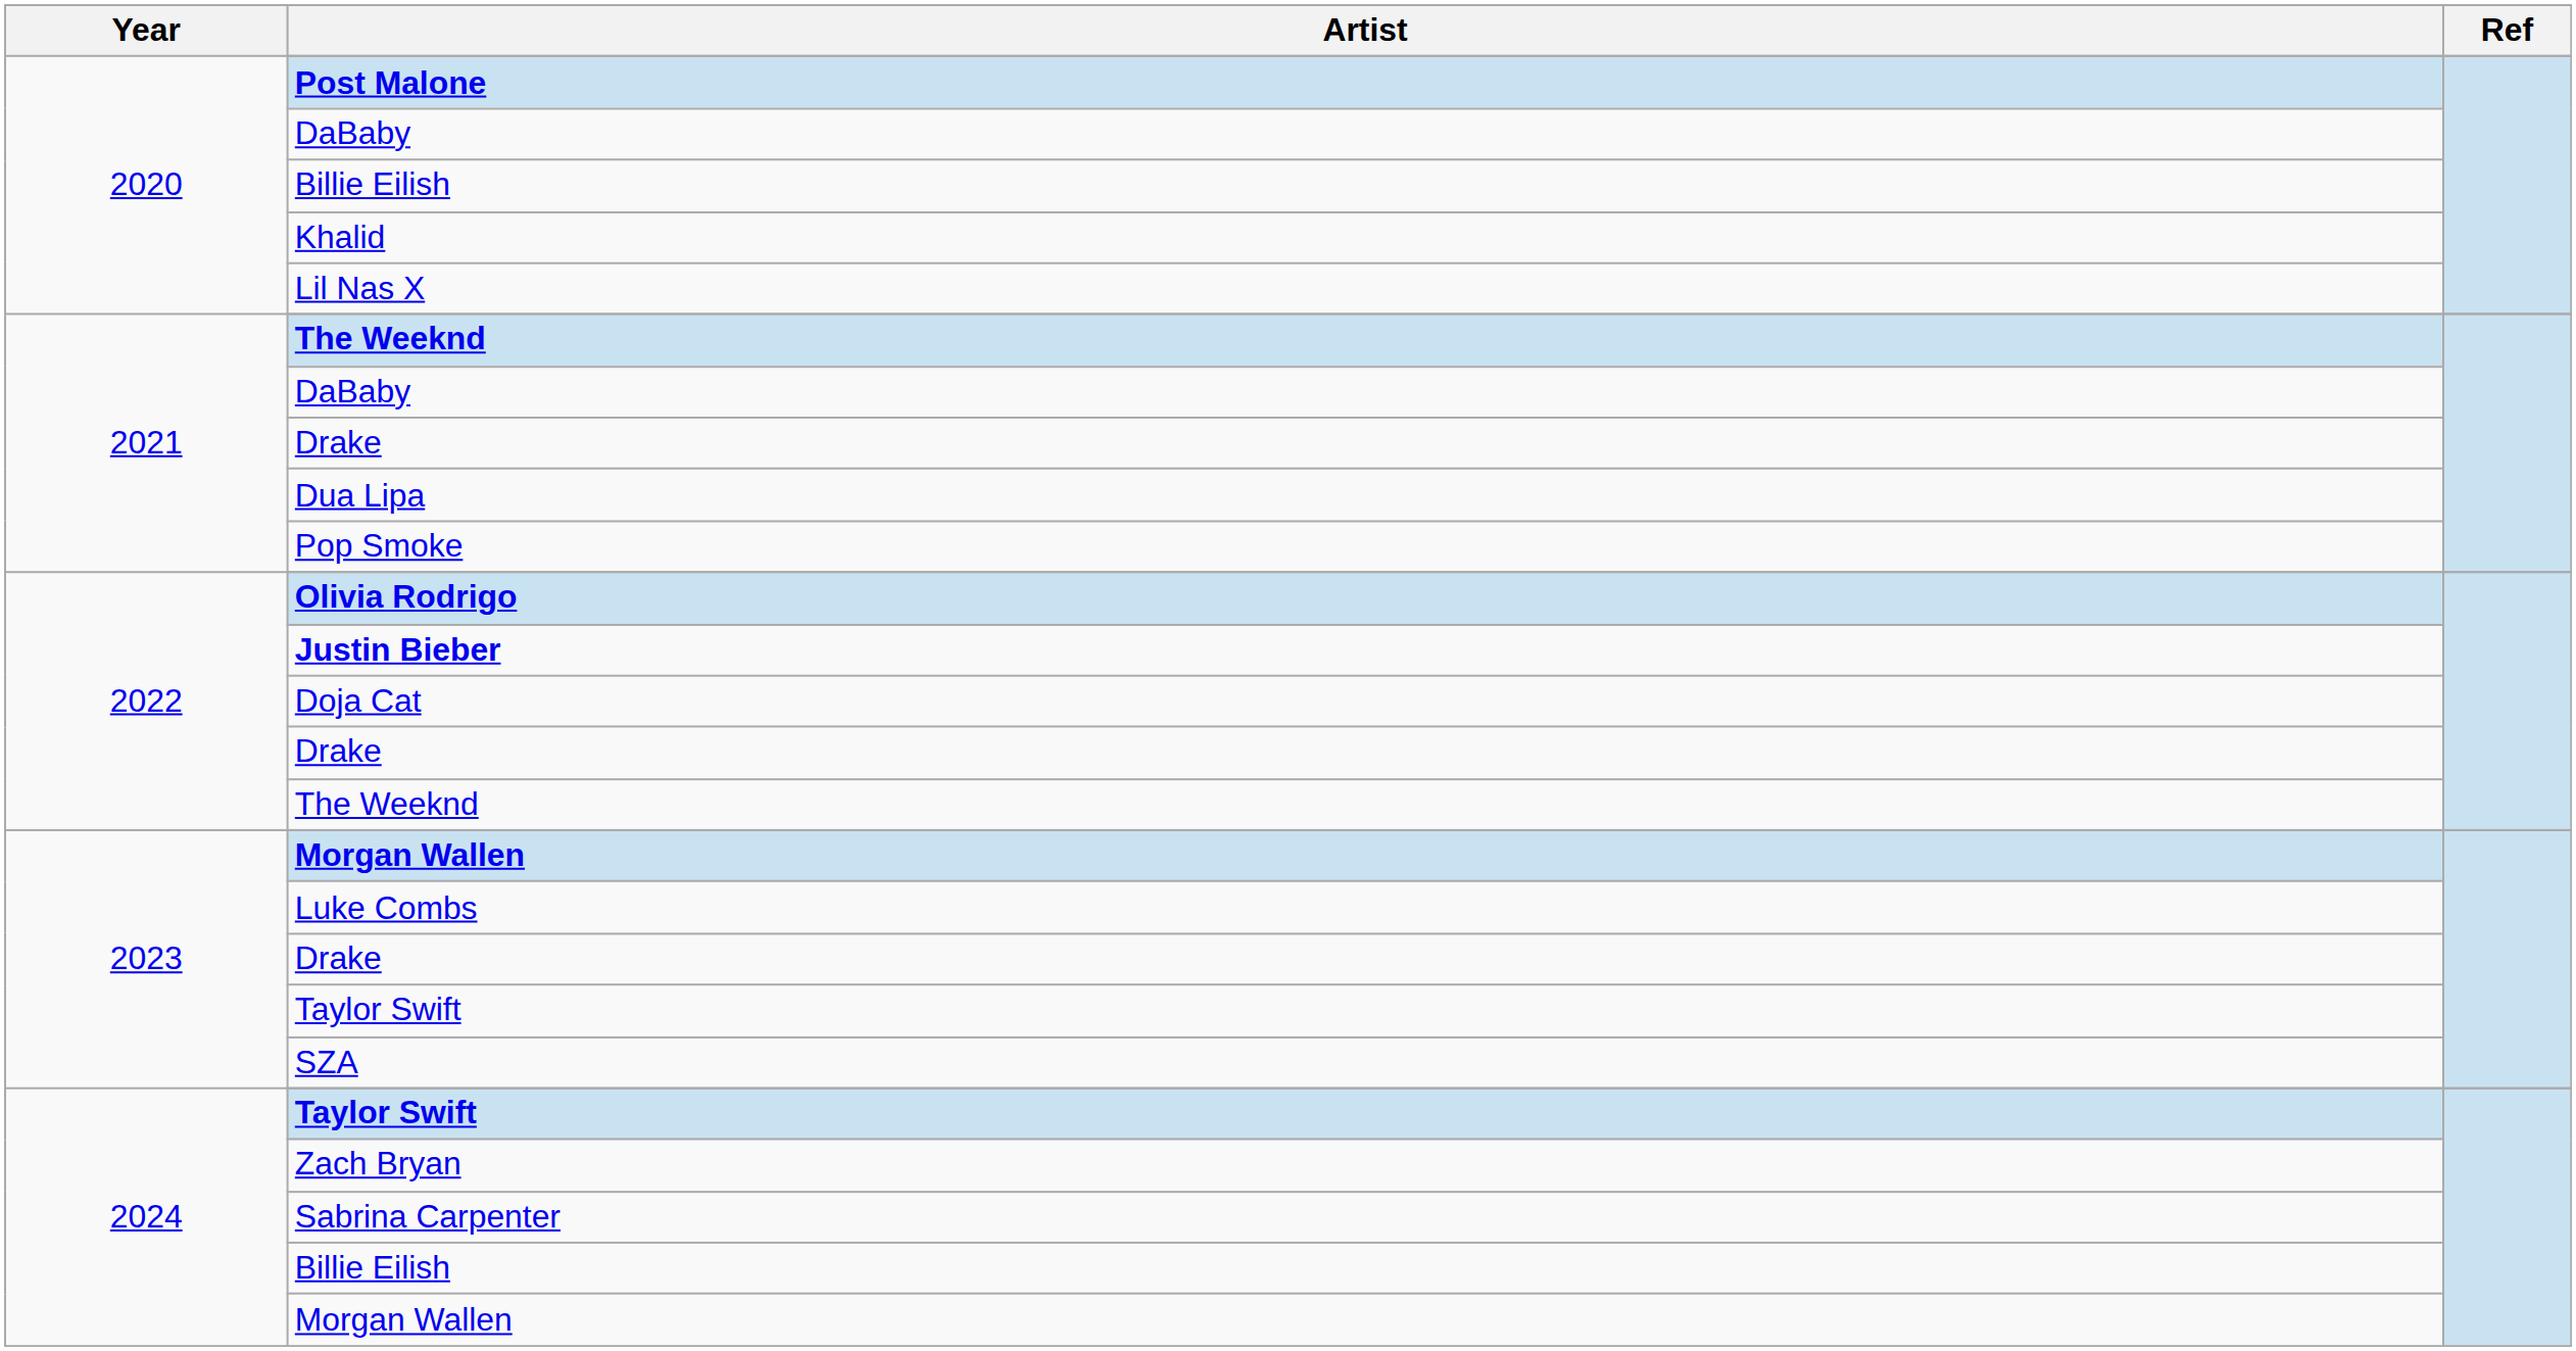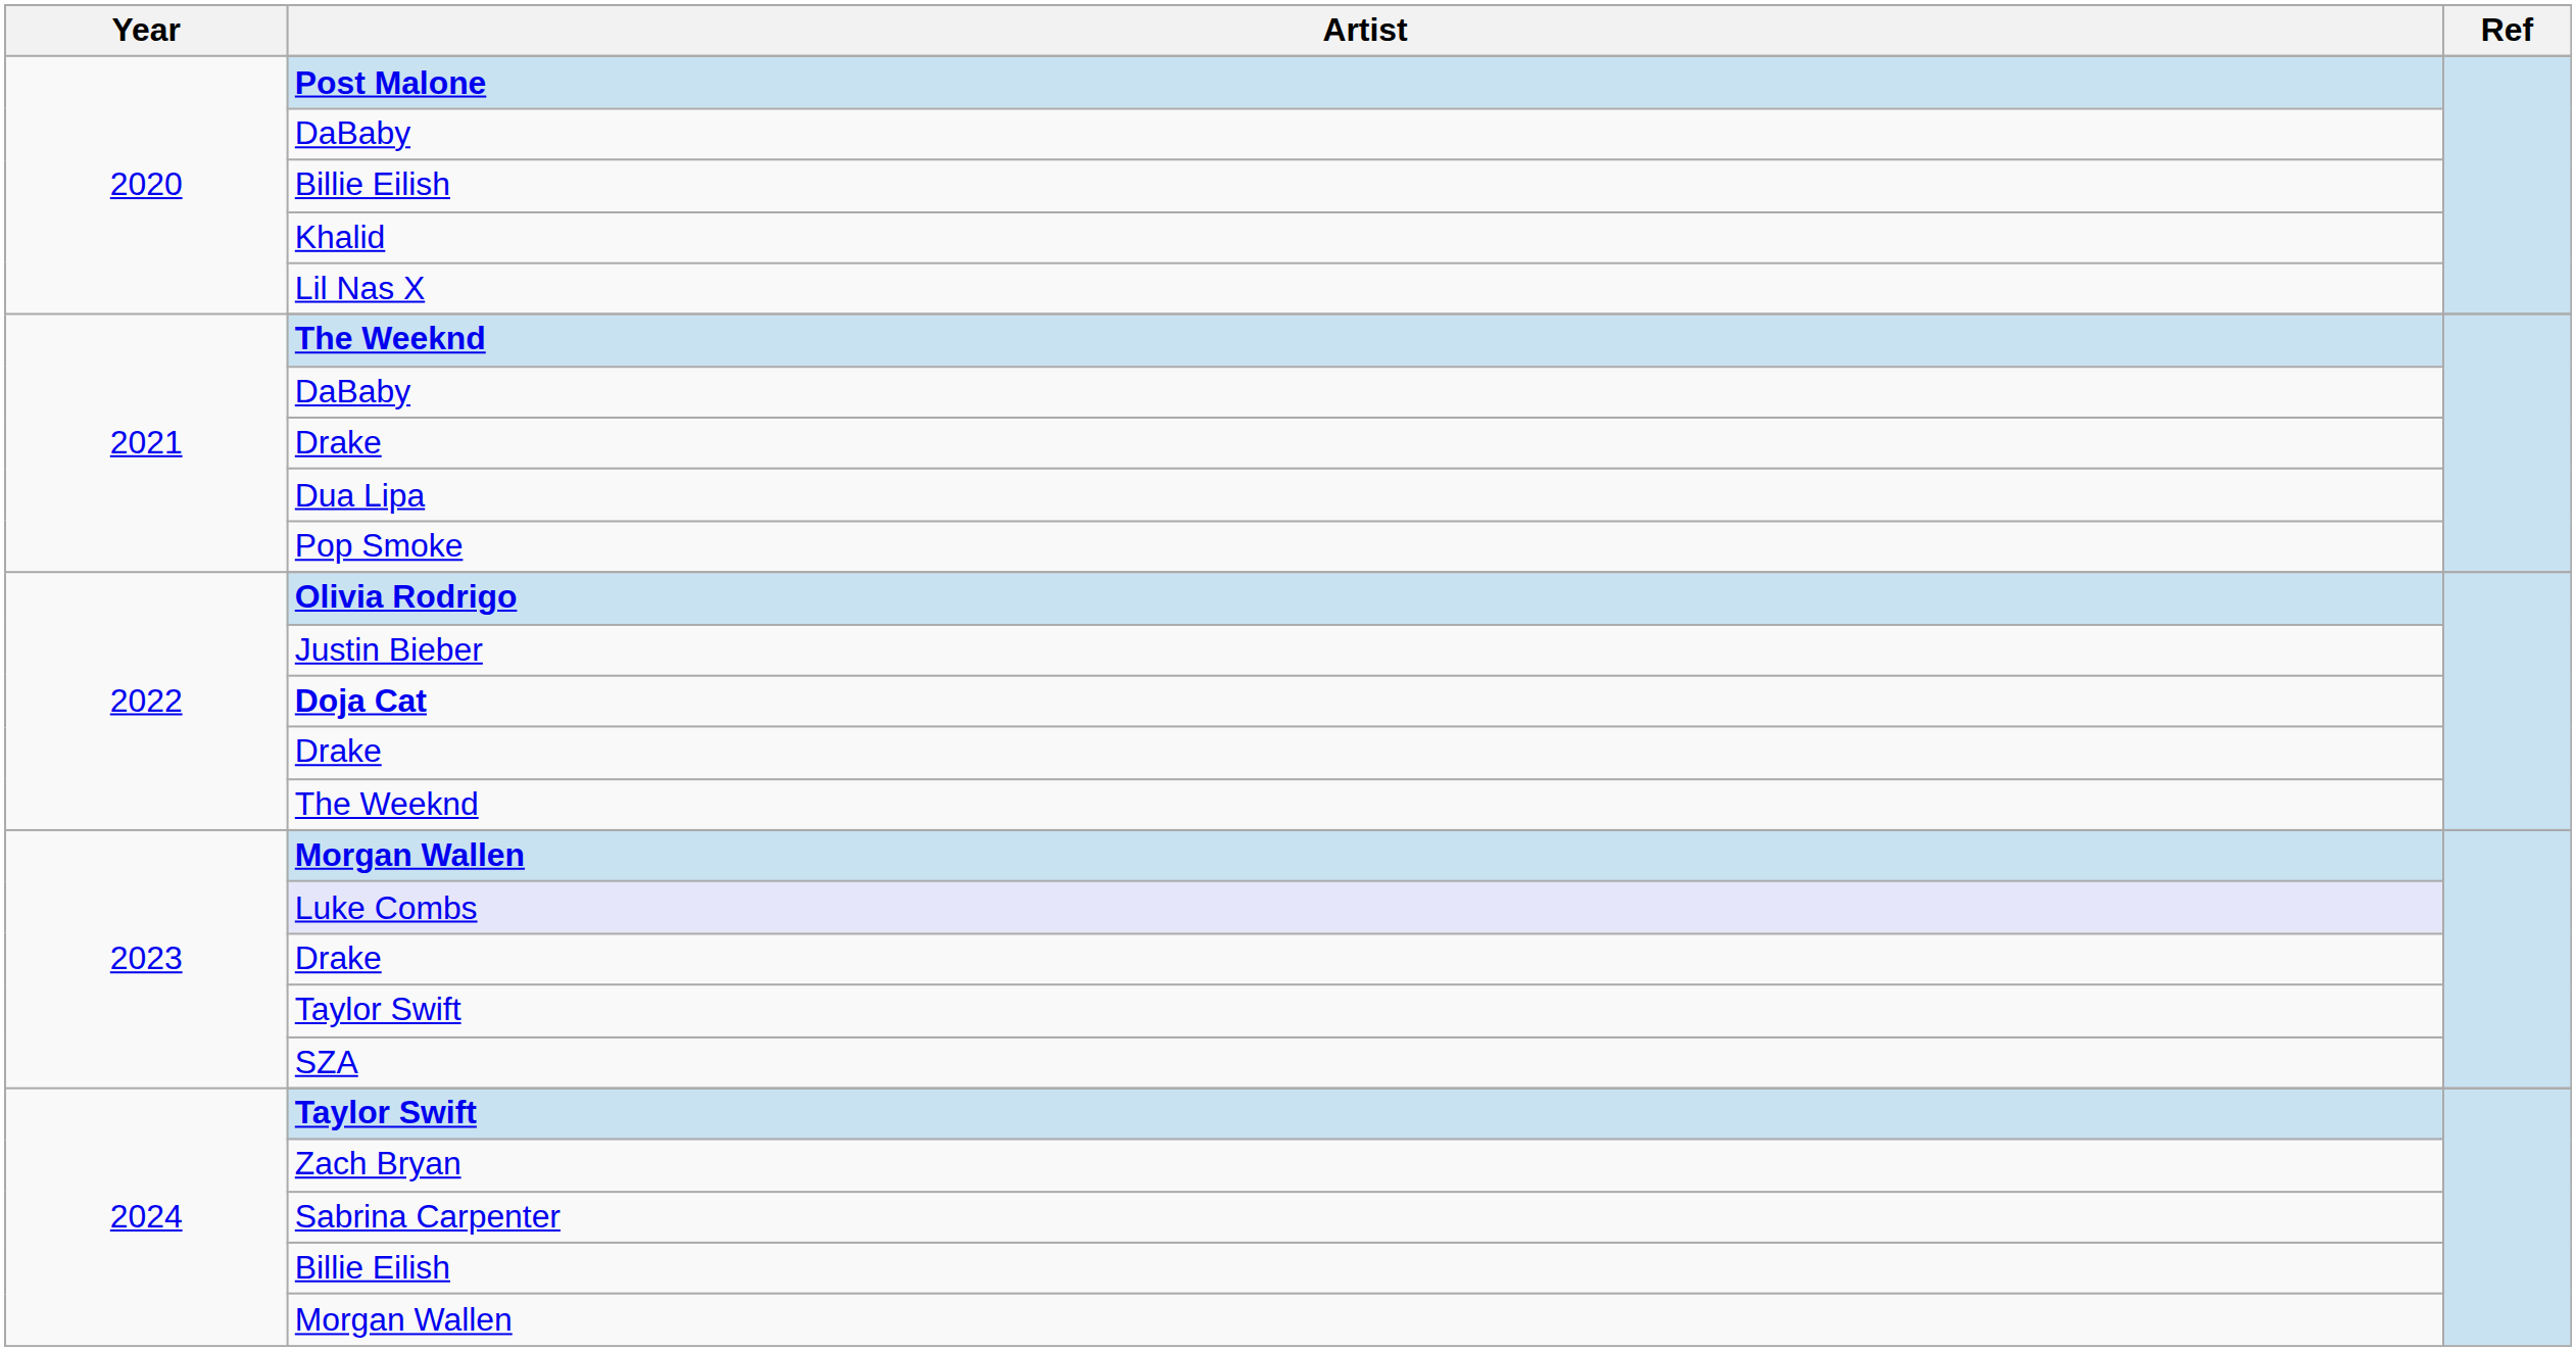 <table class="wikitable" style="width:100%;">
 <tr style="background:#bebebe;">
 <th style="width:11%;">Year</th>
 <th style="width:84%;">Artist</th>
 <th style="width:5%;">Ref</th>
 </tr>
 <tr>
 <td rowspan="6" align="center"><a href='#'>2020</a></td>
 </tr>
 <tr style="background:#c9e2f2">
 <td><strong><a href='#'>Post Malone</a></strong></td>
 <td rowspan="5" align="center"></td>
 </tr>
 <tr>
 <td><a href='#'>DaBaby</a></td>
 </tr>
 <tr>
 <td><a href='#'>Billie Eilish</a></td>
 </tr>
 <tr>
 <td><a href='#'>Khalid</a></td>
 </tr>
 <tr>
 <td><a href='#'>Lil Nas X</a></td>
 </tr>
 <tr>
 <td rowspan="6" align="center"><a href='#'>2021</a></td>
 </tr>
 <tr style="background:#c9e2f2">
 <td><strong><a href='#'>The Weeknd</a></strong></td>
 <td rowspan="5" align="center"></td>
 </tr>
 <tr>
 <td><a href='#'>DaBaby</a></td>
 </tr>
 <tr>
 <td><a href='#'>Drake</a></td>
 </tr>
 <tr>
 <td><a href='#'>Dua Lipa</a></td>
 </tr>
 <tr>
 <td><a href='#'>Pop Smoke</a></td>
 </tr>
 <tr>
 <td rowspan="6" align="center"><a href='#'>2022</a></td>
 </tr>
 <tr style="background:#c9e2f2">
 <td><strong><a href='#'>Olivia Rodrigo</a></strong></td>
 <td rowspan="5" align="center"></td>
 </tr>
 <tr>
-<td><strong><a href='#'>Justin Bieber</a></strong></td>
+<td><a href='#'>Justin Bieber</a></td>
 </tr>
 <tr>
-<td><a href='#'>Doja Cat</a></td>
+<td><strong><a href='#'>Doja Cat</a></strong></td>
 </tr>
 <tr>
 <td><a href='#'>Drake</a></td>
 </tr>
 <tr>
 <td><a href='#'>The Weeknd</a></td>
 </tr>
 <tr>
 <td rowspan="6" align="center"><a href='#'>2023</a></td>
 </tr>
 <tr style="background:#c9e2f2">
 <td><strong><a href='#'>Morgan Wallen</a></strong></td>
 <td rowspan="5" align="center"></td>
 </tr>
 <tr>
-<td><a href='#'>Luke Combs</a></td>
+<td style="background: lavender;"><a href='#'>Luke Combs</a></td>
 </tr>
 <tr>
 <td><a href='#'>Drake</a></td>
 </tr>
 <tr>
 <td><a href='#'>Taylor Swift</a></td>
 </tr>
 <tr>
 <td><a href='#'>SZA</a></td>
 </tr>
 <tr>
 <td rowspan="6" align="center"><a href='#'>2024</a></td>
 </tr>
 <tr style="background:#c9e2f2">
 <td><strong><a href='#'>Taylor Swift</a></strong></td>
 <td rowspan="5" align="center"></td>
 </tr>
 <tr>
 <td><a href='#'>Zach Bryan</a></td>
 </tr>
 <tr>
 <td><a href='#'>Sabrina Carpenter</a></td>
 </tr>
 <tr>
 <td><a href='#'>Billie Eilish</a></td>
 </tr>
 <tr>
 <td><a href='#'>Morgan Wallen</a></td>
 </tr>
 <tr>
 </tr>
 </table>
